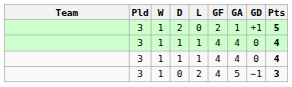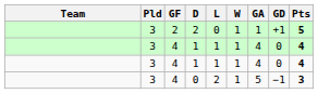 <table class="wikitable" style="text-align: center;">
 <tr>
 <th width=165>Team</th>
 <th width=20>Pld</th>
-<th width=20>W</th>
+<th width=20>GF</th>
 <th width=20>D</th>
 <th width=20>L</th>
-<th width=20>GF</th>
+<th width=20>W</th>
 <th width=20>GA</th>
 <th width=20>GD</th>
 <th width=20>Pts</th>
 </tr>
 <tr style="background:#cfc;">
 <td style="text-align:left;"></td>
 <td>3</td>
-<td>1</td>
+<td>2</td>
 <td>2</td>
 <td>0</td>
-<td>2</td>
+<td>1</td>
 <td>1</td>
 <td>+1</td>
 <td><strong>5</strong></td>
 </tr>
 <tr style="background:#cfc;">
 <td style="text-align:left;"></td>
 <td>3</td>
+<td>4</td>
 <td>1</td>
 <td>1</td>
 <td>1</td>
-<td>4</td>
 <td>4</td>
 <td>0</td>
 <td><strong>4</strong></td>
 </tr>
 <tr>
 <td style="text-align:left;"></td>
 <td>3</td>
+<td>4</td>
 <td>1</td>
 <td>1</td>
 <td>1</td>
-<td>4</td>
 <td>4</td>
 <td>0</td>
 <td><strong>4</strong></td>
 </tr>
 <tr>
 <td style="text-align:left;"></td>
 <td>3</td>
-<td>1</td>
+<td>4</td>
 <td>0</td>
 <td>2</td>
-<td>4</td>
+<td>1</td>
 <td>5</td>
 <td>−1</td>
 <td><strong>3</strong></td>
 </tr>
 </table>
